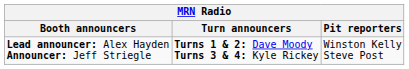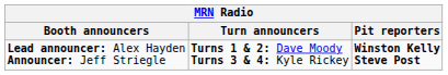 <table class="wikitable" style="font-size: 95%;">
 <tr>
 <th colspan="3"><a href='#'>MRN</a> Radio</th>
 </tr>
 <tr>
 <th>Booth announcers</th>
 <th>Turn announcers</th>
 <th>Pit reporters</th>
 </tr>
 <tr>
 <td><strong>Lead announcer:</strong> Alex Hayden<br><strong>Announcer:</strong> Jeff Striegle</td>
 <td><strong>Turns 1 & 2:</strong> <a href='#'>Dave Moody</a><br><strong>Turns 3 & 4:</strong> Kyle Rickey</td>
-<td>Winston Kelly<br>Steve Post</td>
+<td><strong>Winston Kelly<br>Steve Post</strong></td>
 </tr>
 </table>
